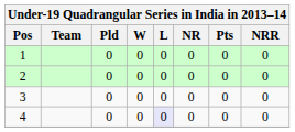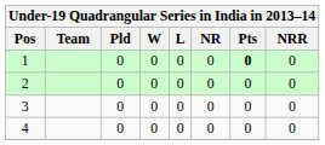 <table class="wikitable">
 <tr>
 <th colspan=9>Under-19 Quadrangular Series in India in 2013–14</th>
 </tr>
 <tr bgcolor="#efefef">
 <th>Pos</th>
 <th>Team</th>
 <th>Pld</th>
 <th>W</th>
 <th>L</th>
 <th>NR</th>
 <th>Pts</th>
 <th>NRR</th>
 </tr>
 <tr align="center" bgcolor="#ccffcc">
 <td>1</td>
 <td align="left"></td>
 <td>0</td>
 <td>0</td>
 <td>0</td>
 <td>0</td>
-<td>0</td>
+<td><strong>0</strong></td>
 <td>0</td>
 </tr>
 <tr align="center" bgcolor="#ccffcc">
 <td>2</td>
 <td align="left"></td>
 <td>0</td>
 <td>0</td>
 <td>0</td>
 <td>0</td>
 <td>0</td>
 <td>0</td>
 </tr>
 <tr align="center">
 <td>3</td>
 <td align="left"></td>
 <td>0</td>
 <td>0</td>
 <td>0</td>
 <td>0</td>
 <td>0</td>
 <td>0</td>
 </tr>
 <tr align="center">
 <td>4</td>
 <td align="left"></td>
 <td>0</td>
 <td>0</td>
-<td style="background: lavender;">0</td>
+<td>0</td>
 <td>0</td>
 <td>0</td>
 <td>0</td>
 </tr>
 <tr align="center">
 </tr>
 </table>
